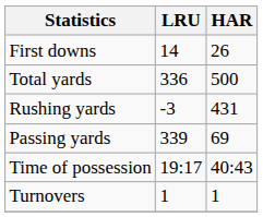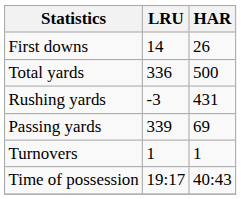 <table class="wikitable" style="float: left;">
 <tr>
 <th>Statistics</th>
 <th>LRU</th>
 <th>HAR</th>
 </tr>
 <tr>
 <td>First downs</td>
 <td>14</td>
 <td>26</td>
 </tr>
 <tr>
 <td>Total yards</td>
 <td>336</td>
 <td>500</td>
 </tr>
 <tr>
 <td>Rushing yards</td>
 <td>-3</td>
 <td>431</td>
 </tr>
 <tr>
 <td>Passing yards</td>
 <td>339</td>
 <td>69</td>
 </tr>
 <tr>
+<td>Turnovers</td>
+<td>1</td>
+<td>1</td>
+</tr>
+<tr>
 <td>Time of possession</td>
 <td>19:17</td>
 <td>40:43</td>
 </tr>
 <tr>
-<td>Turnovers</td>
-<td>1</td>
-<td>1</td>
-</tr>
-<tr>
 </tr>
 </table>
